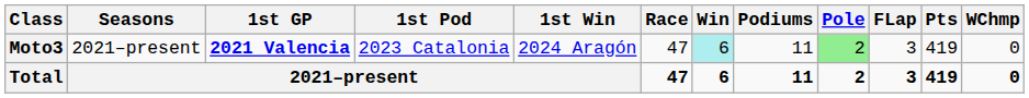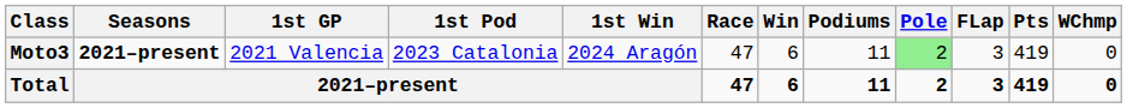 <table class="wikitable" style="text-align:right;">
 <tr>
 <th>Class</th>
 <th>Seasons</th>
 <th>1st GP</th>
 <th>1st Pod</th>
 <th>1st Win</th>
 <th>Race</th>
 <th>Win</th>
 <th>Podiums</th>
 <th><a href='#'>Pole</a></th>
 <th>FLap</th>
 <th>Pts</th>
 <th>WChmp</th>
 </tr>
 <tr>
 <th>Moto3</th>
-<td>2021–present</td>
-<td style="text-align:left;"><strong><a href='#'>2021 Valencia</a></strong></td>
+<td><strong>2021–present</strong></td>
+<td style="text-align:left;"><a href='#'>2021 Valencia</a></td>
 <td style="text-align:left;"><a href='#'>2023 Catalonia</a></td>
 <td style="text-align:left;"><a href='#'>2024 Aragón</a></td>
 <td>47</td>
-<td style="background: paleturquoise;">6</td>
+<td>6</td>
 <td>11</td>
 <td style="background: lightgreen;">2</td>
 <td>3</td>
 <td>419</td>
 <td>0</td>
 </tr>
 <tr>
 <th>Total</th>
 <th colspan="4">2021–present</th>
 <td><strong>47</strong></td>
 <td><strong>6</strong></td>
 <td><strong>11</strong></td>
 <td><strong>2</strong></td>
 <td><strong>3</strong></td>
 <td><strong>419</strong></td>
 <td><strong>0</strong></td>
 </tr>
 </table>
